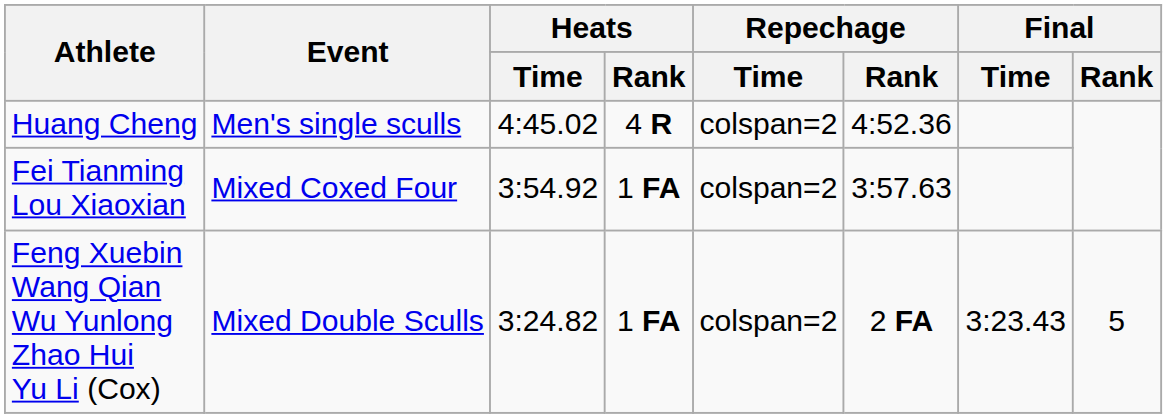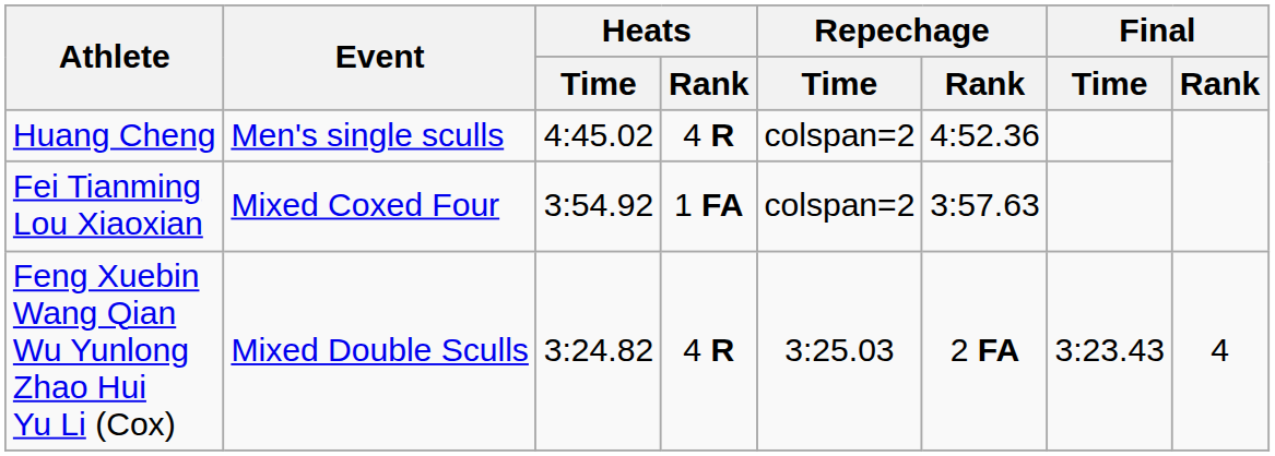 <table class="wikitable">
 <tr>
 <th rowspan="2">Athlete</th>
 <th rowspan="2">Event</th>
 <th colspan="2">Heats</th>
 <th colspan="2">Repechage</th>
 <th colspan="2">Final</th>
 </tr>
 <tr>
 <th>Time</th>
 <th>Rank</th>
 <th>Time</th>
 <th>Rank</th>
 <th>Time</th>
 <th>Rank</th>
 </tr>
 <tr align=center>
 <td align=left><a href='#'>Huang Cheng</a></td>
 <td align=left><a href='#'>Men's single sculls</a></td>
 <td>4:45.02</td>
 <td>4 <strong>R</strong></td>
 <td>colspan=2 </td>
 <td>4:52.36</td>
 <td></td>
 </tr>
 <tr align=center>
 <td align=left><a href='#'>Fei Tianming</a><br><a href='#'>Lou Xiaoxian</a></td>
 <td align=left><a href='#'>Mixed Coxed Four</a></td>
 <td>3:54.92</td>
 <td>1 <strong>FA</strong></td>
 <td>colspan=2 </td>
 <td>3:57.63</td>
 <td></td>
 </tr>
 <tr align=center>
 <td align=left><a href='#'>Feng Xuebin</a><br><a href='#'>Wang Qian</a><br><a href='#'>Wu Yunlong</a><br><a href='#'>Zhao Hui</a><br><a href='#'>Yu Li</a> (Cox)</td>
 <td align=left><a href='#'>Mixed Double Sculls</a></td>
 <td>3:24.82</td>
-<td>1 <strong>FA</strong></td>
-<td>colspan=2 </td>
+<td>4 <strong>R</strong></td>
+<td>3:25.03</td>
 <td>2 <strong>FA</strong></td>
 <td>3:23.43</td>
-<td>5</td>
+<td>4</td>
 </tr>
 </table>
